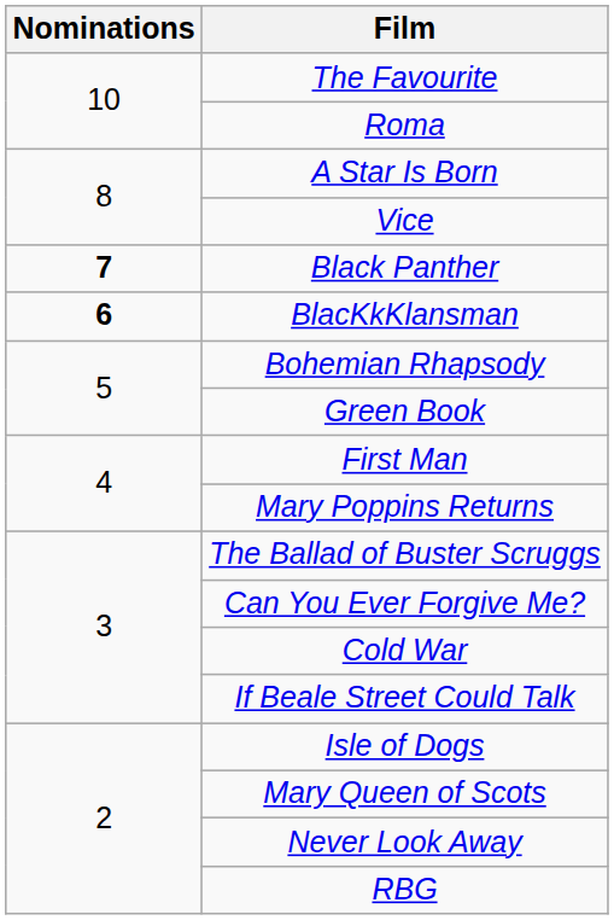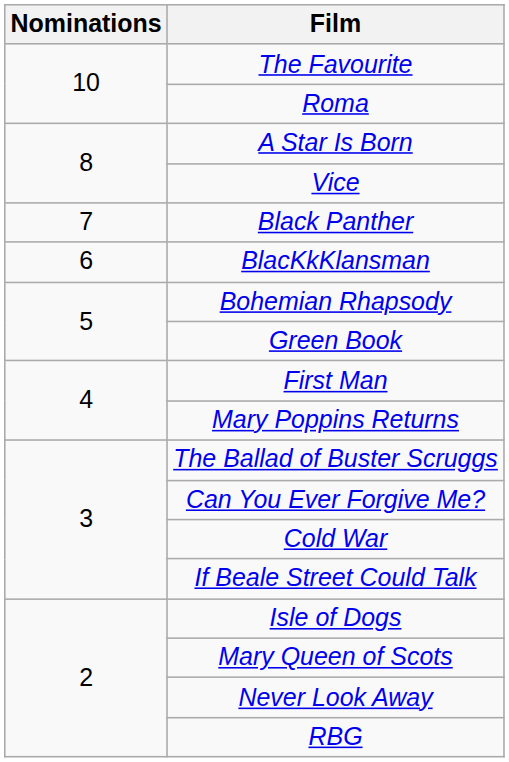 <table class="wikitable plainrowheaders" style="text-align: center;">
 <tr>
 <th scope="col" style="width:55px;">Nominations</th>
 <th scope="col" style="text-align:center;">Film</th>
 </tr>
 <tr>
 <td rowspan="2"; scope=row style="text-align:center">10</td>
 <td><em><a href='#'>The Favourite</a></em></td>
 </tr>
 <tr>
 <td><em><a href='#'>Roma</a></em></td>
 </tr>
 <tr>
 <td rowspan="2"; scope=row style="text-align:center">8</td>
 <td><em><a href='#'>A Star Is Born</a></em></td>
 </tr>
 <tr>
 <td><em><a href='#'>Vice</a></em></td>
 </tr>
 <tr>
-<td scope=row style="text-align:center"><strong>7</strong></td>
+<td scope=row style="text-align:center">7</td>
 <td><em><a href='#'>Black Panther</a></em></td>
 </tr>
 <tr>
-<td scope=row style="text-align:center"><strong>6</strong></td>
+<td scope=row style="text-align:center">6</td>
 <td><em><a href='#'>BlacKkKlansman</a></em></td>
 </tr>
 <tr>
 <td rowspan="2"; scope=row style="text-align:center">5</td>
 <td><em><a href='#'>Bohemian Rhapsody</a></em></td>
 </tr>
 <tr>
 <td><em><a href='#'>Green Book</a></em></td>
 </tr>
 <tr>
 <td rowspan="2"; scope=row style="text-align:center">4</td>
 <td><em><a href='#'>First Man</a></em></td>
 </tr>
 <tr>
 <td><em><a href='#'>Mary Poppins Returns</a></em></td>
 </tr>
 <tr>
 <td rowspan="4"; scope=row style="text-align:center">3</td>
 <td><em><a href='#'>The Ballad of Buster Scruggs</a></em></td>
 </tr>
 <tr>
 <td><em><a href='#'>Can You Ever Forgive Me?</a></em></td>
 </tr>
 <tr>
 <td><em><a href='#'>Cold War</a></em></td>
 </tr>
 <tr>
 <td><em><a href='#'>If Beale Street Could Talk</a></em></td>
 </tr>
 <tr>
 <td rowspan="4"; scope=row style="text-align:center">2</td>
 <td><em><a href='#'>Isle of Dogs</a></em></td>
 </tr>
 <tr>
 <td><em><a href='#'>Mary Queen of Scots</a></em></td>
 </tr>
 <tr>
 <td><em><a href='#'>Never Look Away</a></em></td>
 </tr>
 <tr>
 <td><em><a href='#'>RBG</a></em></td>
 </tr>
 </table>
